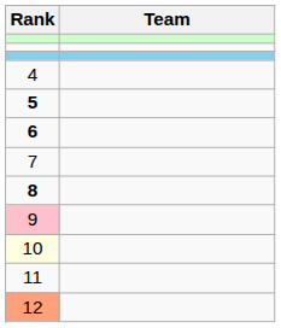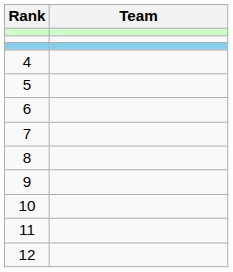 <table class="wikitable" style="text-align: center;">
 <tr>
 <th width=40>Rank</th>
 <th width=180>Team</th>
 </tr>
 <tr bgcolor=#CCFFCC>
 <td></td>
 <td align="left"></td>
 </tr>
 <tr>
 <td></td>
 <td align="left"></td>
 </tr>
 <tr bgcolor=#87ceeb>
 <td></td>
 <td align="left"></td>
 </tr>
 <tr>
 <td>4</td>
 <td align="left"></td>
 </tr>
 <tr>
-<td><strong>5</strong></td>
+<td>5</td>
 <td align="left"></td>
 </tr>
 <tr>
-<td><strong>6</strong></td>
+<td>6</td>
 <td align="left"></td>
 </tr>
 <tr>
 <td>7</td>
 <td align="left"></td>
 </tr>
 <tr>
-<td><strong>8</strong></td>
+<td>8</td>
 <td align="left"></td>
 </tr>
 <tr>
-<td style="background: pink;">9</td>
+<td>9</td>
 <td align="left"></td>
 </tr>
 <tr>
-<td style="background: lightyellow;">10</td>
+<td>10</td>
 <td align="left"></td>
 </tr>
 <tr>
 <td>11</td>
 <td align="left"></td>
 </tr>
 <tr>
-<td style="background: lightsalmon;">12</td>
+<td>12</td>
 <td align="left"></td>
 </tr>
 </table>
